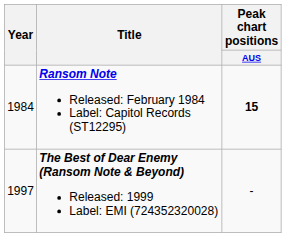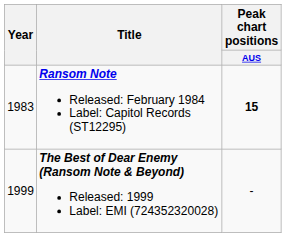 <table class="wikitable">
 <tr>
 <th rowspan="2" width="33">Year</th>
 <th rowspan="2" width="240">Title</th>
 <th colspan="1">Peak chart positions</th>
 </tr>
 <tr>
 <th style="width:3em;font-size:75%"><a href='#'>AUS</a><br></th>
 </tr>
 <tr>
-<td align="center">1984</td>
+<td align="center">1983</td>
 <td><strong><em><a href='#'>Ransom Note</a></em></strong><br><ul><li>Released: February 1984</li><li>Label: Capitol Records (ST12295)</li></ul></td>
 <td align="center"><strong>15</strong></td>
 </tr>
 <tr>
-<td align="center">1997</td>
+<td align="center">1999</td>
 <td><strong><em>The Best of Dear Enemy (Ransom Note & Beyond)</em></strong><br><ul><li>Released: 1999</li><li>Label: EMI (724352320028)</li></ul></td>
 <td align="center">-</td>
 </tr>
 </table>
